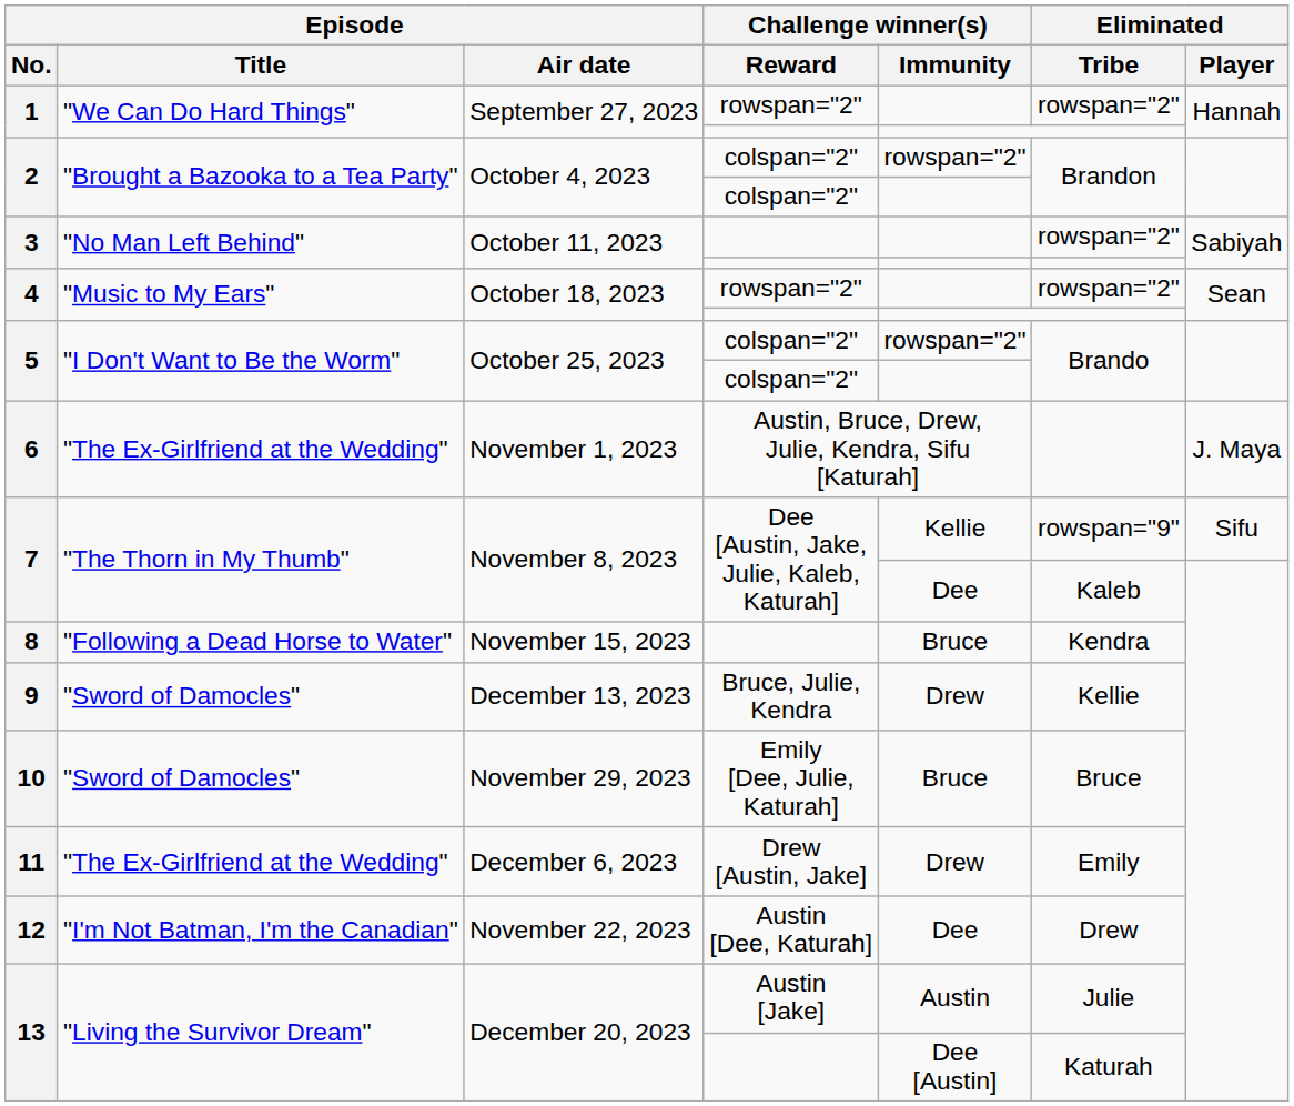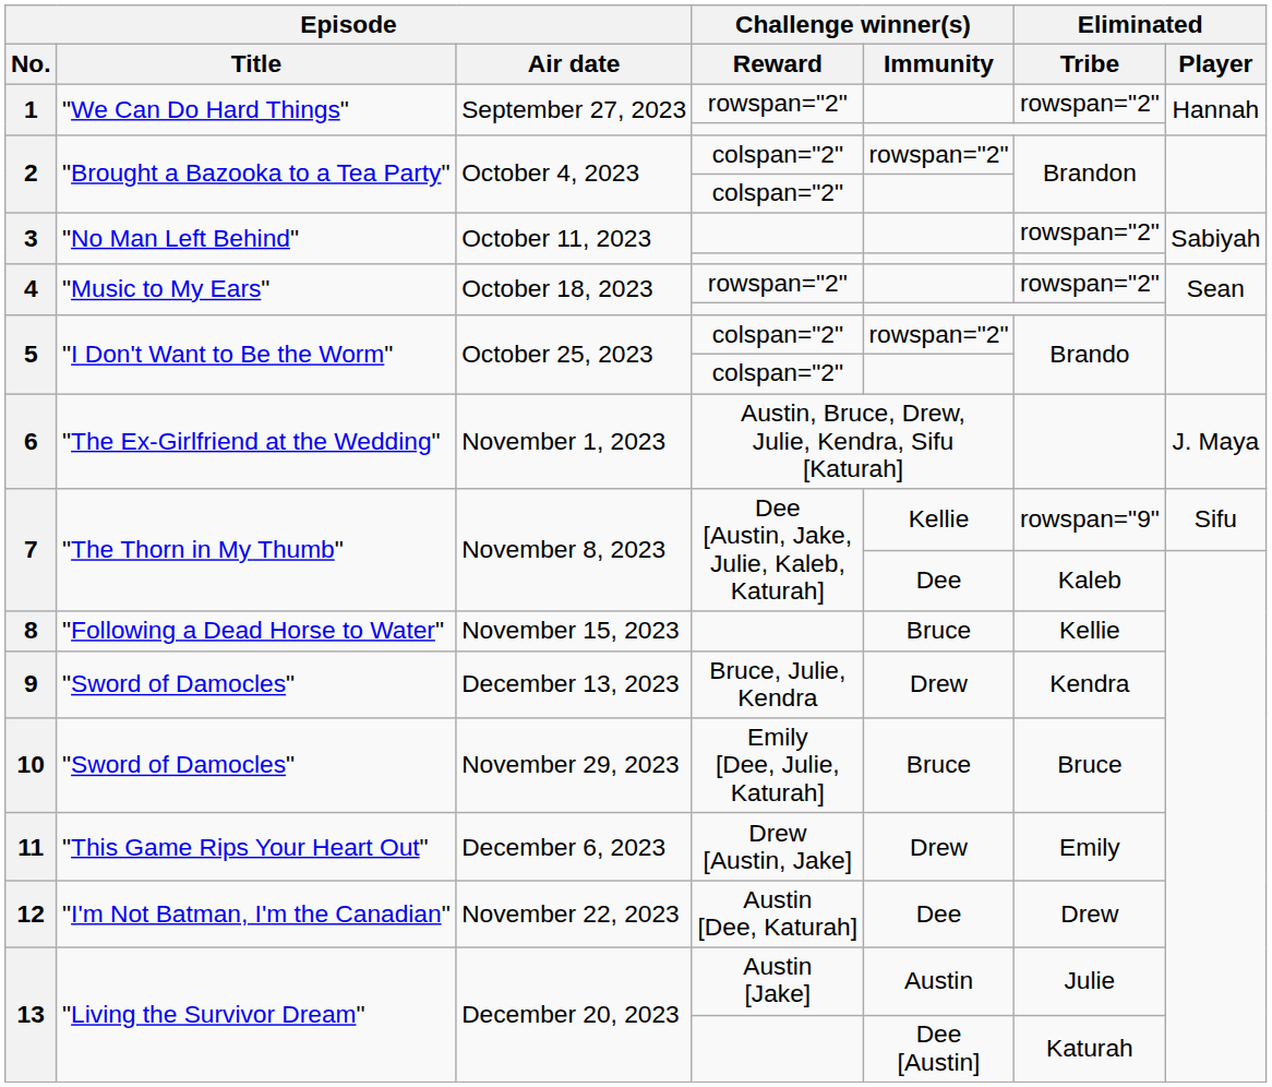 <table class="wikitable unsortable" style="text-align:center;">
 <tr>
 <th colspan="3" scope="col">Episode</th>
 <th colspan="2" scope="col">Challenge winner(s)</th>
 <th colspan="2" scope="col">Eliminated</th>
 </tr>
 <tr>
 <th scope="col">No.</th>
 <th scope="col">Title</th>
 <th scope="col">Air date</th>
 <th scope="col">Reward</th>
 <th scope="col">Immunity</th>
 <th scope="col">Tribe</th>
 <th scope="col">Player</th>
 </tr>
 <tr>
 <th rowspan=2>1</th>
 <td rowspan="2" align="left">"<a href='#'>We Can Do Hard Things</a>"</td>
 <td rowspan="2" align="left">September 27, 2023</td>
 <td>rowspan="2" </td>
 <td></td>
 <td>rowspan="2" </td>
 <td rowspan="2">Hannah</td>
 </tr>
 <tr>
 <td></td>
 </tr>
 <tr>
 <th rowspan="2">2</th>
 <td rowspan="2" style="text-align:left">"<a href='#'>Brought a Bazooka to a Tea Party</a>"</td>
 <td style="text-align:left" rowspan="2" style="text-align:left">October 4, 2023</td>
 <td>colspan="2" </td>
 <td>rowspan="2" </td>
 <td rowspan="2">Brandon</td>
 </tr>
 <tr>
 <td>colspan="2" </td>
 </tr>
 <tr>
 <th rowspan="2">3</th>
 <td rowspan="2" style="text-align:left">"<a href='#'>No Man Left Behind</a>"</td>
 <td style="text-align:left" rowspan="2">October 11, 2023</td>
 <td></td>
 <td></td>
 <td>rowspan="2" </td>
 <td rowspan="2">Sabiyah</td>
 </tr>
 <tr>
 <td></td>
 <td></td>
 </tr>
 <tr>
 <th rowspan="2">4</th>
 <td rowspan="2" style="text-align:left">"<a href='#'>Music to My Ears</a>"</td>
 <td style="text-align:left" rowspan="2">October 18, 2023</td>
 <td>rowspan="2" </td>
 <td></td>
 <td>rowspan="2" </td>
 <td rowspan="2">Sean</td>
 </tr>
 <tr>
 <td></td>
 </tr>
 <tr>
 <th rowspan="2">5</th>
 <td rowspan="2" style="text-align:left">"<a href='#'>I Don't Want to Be the Worm</a>"</td>
 <td style="text-align:left" rowspan="2">October 25, 2023</td>
 <td>colspan="2" </td>
 <td>rowspan="2" </td>
 <td rowspan="2">Brando</td>
 </tr>
 <tr>
 <td>colspan="2" </td>
 </tr>
 <tr>
 <th>6</th>
 <td style="text-align:left">"<a href='#'>The Ex-Girlfriend at the Wedding</a>"</td>
 <td style="text-align:left">November 1, 2023</td>
 <td colspan="2">Austin, Bruce, Drew,<br>Julie, Kendra, Sifu<br>[Katurah]</td>
 <td></td>
 <td>J. Maya</td>
 </tr>
 <tr>
 <th rowspan="2">7</th>
 <td rowspan="2" style="text-align:left">"<a href='#'>The Thorn in My Thumb</a>"</td>
 <td rowspan="2" style="text-align:left">November 8, 2023</td>
 <td rowspan="2">Dee<br>[Austin, Jake,<br>Julie, Kaleb,<br>Katurah]</td>
 <td>Kellie</td>
 <td>rowspan="9" </td>
 <td>Sifu</td>
 </tr>
 <tr>
 <td>Dee</td>
 <td>Kaleb</td>
 </tr>
 <tr>
 <th>8</th>
 <td style="text-align:left">"<a href='#'>Following a Dead Horse to Water</a>"</td>
 <td style="text-align:left">November 15, 2023</td>
 <td></td>
 <td>Bruce</td>
-<td>Kendra</td>
+<td>Kellie</td>
 </tr>
 <tr>
 <th>9</th>
 <td style="text-align:left">"<a href='#'>Sword of Damocles</a>"</td>
 <td style="text-align:left">December 13, 2023</td>
 <td>Bruce, Julie,<br>Kendra</td>
 <td>Drew</td>
-<td>Kellie</td>
+<td>Kendra</td>
 </tr>
 <tr>
 <th>10</th>
 <td style="text-align:left">"<a href='#'>Sword of Damocles</a>"</td>
 <td style="text-align:left">November 29, 2023</td>
 <td>Emily<br>[Dee, Julie,<br>Katurah]</td>
 <td>Bruce</td>
 <td>Bruce</td>
 </tr>
 <tr>
 <th>11</th>
-<td style="text-align:left">"<a href='#'>The Ex-Girlfriend at the Wedding</a>"</td>
+<td style="text-align:left">"<a href='#'>This Game Rips Your Heart Out</a>"</td>
 <td style="text-align:left">December 6, 2023</td>
 <td>Drew<br>[Austin, Jake]</td>
 <td>Drew</td>
 <td>Emily</td>
 </tr>
 <tr>
 <th>12</th>
 <td style="text-align:left">"<a href='#'>I'm Not Batman, I'm the Canadian</a>"</td>
 <td style="text-align:left">November 22, 2023</td>
 <td>Austin<br>[Dee, Katurah]</td>
 <td>Dee</td>
 <td>Drew</td>
 </tr>
 <tr>
 <th rowspan="2">13</th>
 <td rowspan="2" style="text-align:left">"<a href='#'>Living the Survivor Dream</a>"</td>
 <td rowspan="2" style="text-align:left">December 20, 2023</td>
 <td>Austin<br>[Jake]</td>
 <td>Austin</td>
 <td>Julie</td>
 </tr>
 <tr>
 <td></td>
 <td>Dee<br>[Austin]</td>
 <td>Katurah</td>
 </tr>
 </table>
